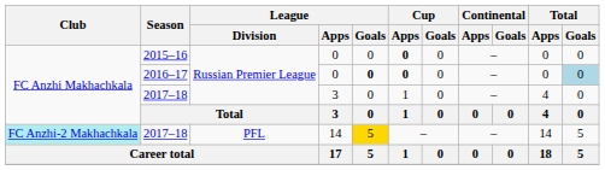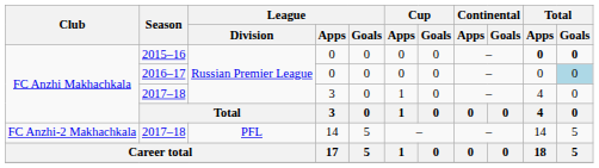 <table class="wikitable" style="text-align: center;">
 <tr>
 <th rowspan=2>Club</th>
 <th rowspan=2>Season</th>
 <th colspan=3>League</th>
 <th colspan=2>Cup</th>
 <th colspan=2>Continental</th>
 <th colspan=2>Total</th>
 </tr>
 <tr>
 <th>Division</th>
 <th>Apps</th>
 <th>Goals</th>
 <th>Apps</th>
 <th>Goals</th>
 <th>Apps</th>
 <th>Goals</th>
 <th>Apps</th>
 <th>Goals</th>
 </tr>
 <tr>
 <td rowspan=4><a href='#'>FC Anzhi Makhachkala</a></td>
 <td><a href='#'>2015–16</a></td>
 <td rowspan=3><a href='#'>Russian Premier League</a></td>
 <td>0</td>
 <td>0</td>
-<td><strong>0</strong></td>
+<td>0</td>
 <td>0</td>
 <td colspan=2>–</td>
-<td>0</td>
-<td>0</td>
+<td><strong>0</strong></td>
+<td><strong>0</strong></td>
 </tr>
 <tr>
 <td><a href='#'>2016–17</a></td>
 <td>0</td>
-<td><strong>0</strong></td>
-<td><strong>0</strong></td>
+<td>0</td>
+<td>0</td>
 <td>0</td>
 <td colspan=2>–</td>
 <td>0</td>
 <td style="background: lightblue;">0</td>
 </tr>
 <tr>
 <td><a href='#'>2017–18</a></td>
 <td>3</td>
 <td>0</td>
 <td>1</td>
 <td>0</td>
 <td colspan=2>–</td>
 <td>4</td>
 <td>0</td>
 </tr>
 <tr>
 <th colspan=2>Total</th>
 <th>3</th>
 <th>0</th>
 <th>1</th>
 <th>0</th>
 <th>0</th>
 <th>0</th>
 <th>4</th>
 <th>0</th>
 </tr>
 <tr>
-<td style="background: paleturquoise;"><a href='#'>FC Anzhi-2 Makhachkala</a></td>
+<td><a href='#'>FC Anzhi-2 Makhachkala</a></td>
 <td><a href='#'>2017–18</a></td>
 <td><a href='#'>PFL</a></td>
 <td>14</td>
-<td style="background: gold;">5</td>
+<td>5</td>
 <td colspan=2>–</td>
 <td colspan=2>–</td>
 <td>14</td>
 <td>5</td>
 </tr>
 <tr>
 <th colspan=3>Career total</th>
 <th>17</th>
 <th>5</th>
 <th>1</th>
 <th>0</th>
 <th>0</th>
 <th>0</th>
 <th>18</th>
 <th>5</th>
 </tr>
 <tr>
 </tr>
 </table>
